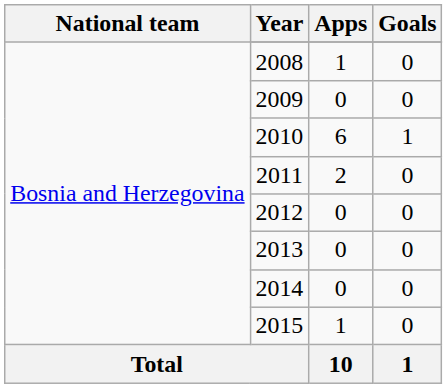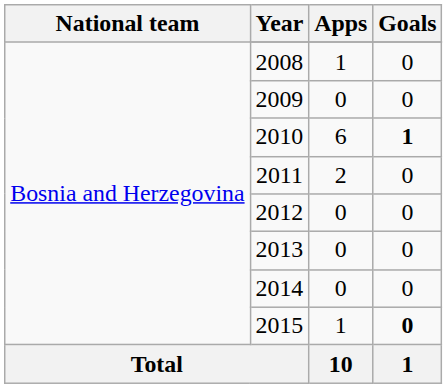 <table class="wikitable" style="text-align: center;">
 <tr>
 <th>National team</th>
 <th>Year</th>
 <th>Apps</th>
 <th>Goals</th>
 </tr>
 <tr>
 <td rowspan="9"><a href='#'>Bosnia and Herzegovina</a></td>
 </tr>
 <tr>
 <td>2008</td>
 <td>1</td>
 <td>0</td>
 </tr>
 <tr>
 <td>2009</td>
 <td>0</td>
 <td>0</td>
 </tr>
 <tr>
 <td>2010</td>
 <td>6</td>
-<td>1</td>
+<td><strong>1</strong></td>
 </tr>
 <tr>
 <td>2011</td>
 <td>2</td>
 <td>0</td>
 </tr>
 <tr>
 <td>2012</td>
 <td>0</td>
 <td>0</td>
 </tr>
 <tr>
 <td>2013</td>
 <td>0</td>
 <td>0</td>
 </tr>
 <tr>
 <td>2014</td>
 <td>0</td>
 <td>0</td>
 </tr>
 <tr>
 <td>2015</td>
 <td>1</td>
-<td>0</td>
+<td><strong>0</strong></td>
 </tr>
 <tr>
 <th colspan="2">Total</th>
 <th>10</th>
 <th>1</th>
 </tr>
 </table>
